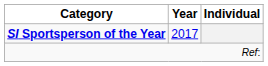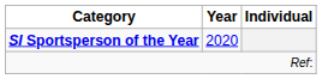 <table class="wikitable plainrowheaders" style="font-size: 90%; style="text-align:center">
 <tr>
 <th scope="col" style="background-color:#ffffff; border-top:#">Category</th>
 <th scope="col" style="background-color:#ffffff; border-top:#">Year</th>
 <th scope="col" style="background-color:#ffffff; border-top:#">Individual</th>
 </tr>
 <tr>
 <td scope="row" style="text-align:left"><strong><a href='#'><em>SI</em> Sportsperson of the Year</a></strong></td>
-<td style="text-align:center"><a href='#'>2017</a></td>
+<td style="text-align:center"><a href='#'>2020</a></td>
 <th scope="row" style="text-align:center"><strong></strong></th>
 </tr>
 <tr class="sortbottom">
 <td style="text-align:right"; colspan="3"><small><em>Ref</em>:</small></td>
 </tr>
 </table>
